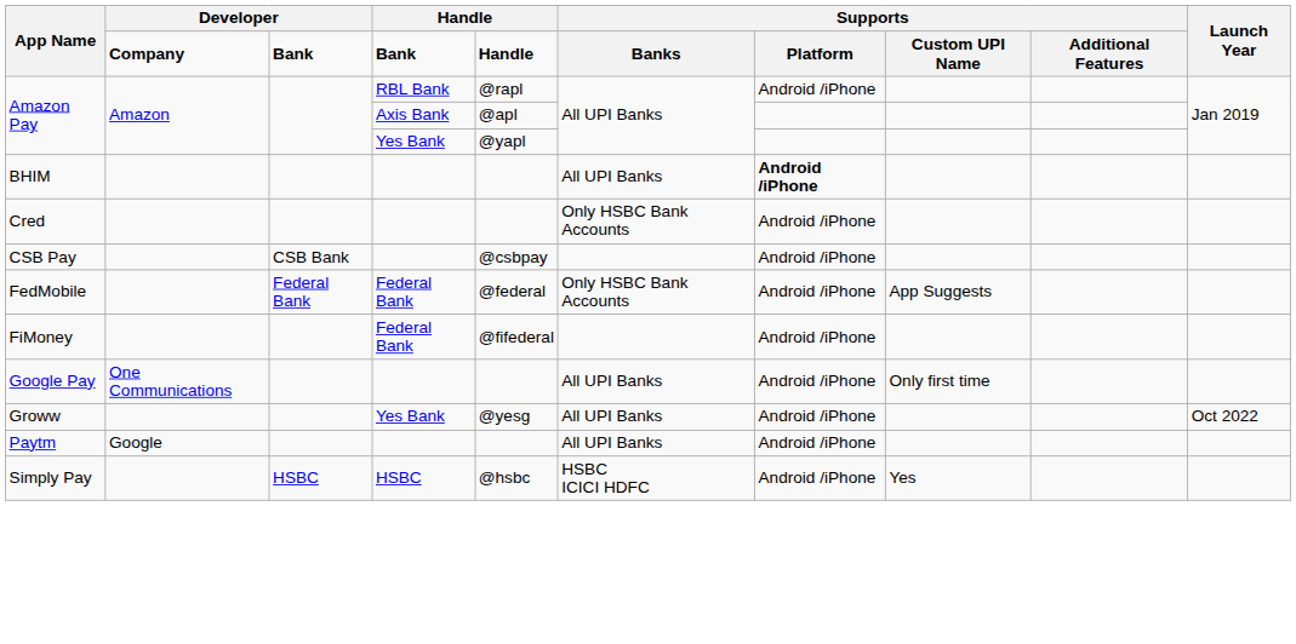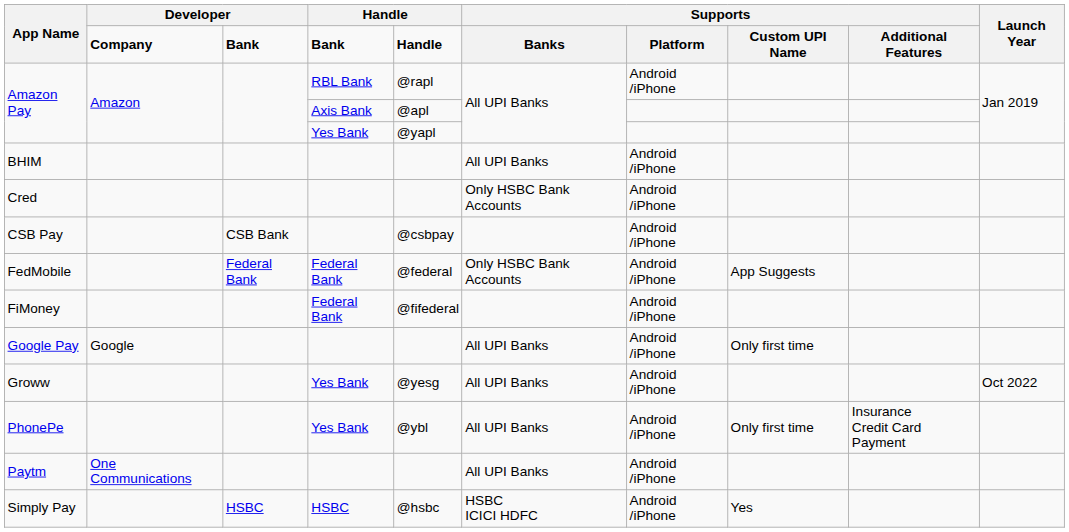 <table class="wikitable">
 <tr>
 <th rowspan="2">App Name</th>
 <th colspan="2">Developer</th>
 <th colspan="2">Handle</th>
 <th colspan="4">Supports</th>
 <th rowspan="2">Launch Year</th>
 </tr>
 <tr>
 <td><strong>Company</strong></td>
 <td><strong>Bank</strong></td>
 <td><strong>Bank</strong></td>
 <td><strong>Handle</strong></td>
 <th>Banks</th>
 <th>Platform</th>
 <th>Custom UPI Name</th>
 <th>Additional Features</th>
 </tr>
 <tr>
 <td rowspan="3"><a href='#'>Amazon Pay</a></td>
 <td rowspan="3"><a href='#'>Amazon</a></td>
 <td rowspan="3"></td>
 <td><a href='#'>RBL Bank</a></td>
 <td>@rapl</td>
 <td rowspan="3">All UPI Banks</td>
 <td>Android /iPhone</td>
 <td></td>
 <td></td>
 <td rowspan="3">Jan 2019</td>
 </tr>
 <tr>
 <td><a href='#'>Axis Bank</a></td>
 <td>@apl</td>
 <td></td>
 <td></td>
 <td></td>
 </tr>
 <tr>
 <td><a href='#'>Yes Bank</a></td>
 <td>@yapl</td>
 <td></td>
 <td></td>
 <td></td>
 </tr>
 <tr>
 <td>BHIM</td>
 <td></td>
 <td></td>
 <td></td>
 <td></td>
 <td>All UPI Banks</td>
-<td><strong>Android /iPhone</strong></td>
+<td>Android /iPhone</td>
 <td></td>
 <td></td>
 <td></td>
 </tr>
 <tr>
 <td>Cred</td>
 <td></td>
 <td></td>
 <td></td>
 <td></td>
 <td>Only HSBC Bank Accounts</td>
 <td>Android /iPhone</td>
 <td></td>
 <td></td>
 <td></td>
 </tr>
 <tr>
 <td>CSB Pay</td>
 <td></td>
 <td>CSB Bank</td>
 <td></td>
 <td>@csbpay</td>
 <td></td>
 <td>Android /iPhone</td>
 <td></td>
 <td></td>
 <td></td>
 </tr>
 <tr>
 <td>FedMobile</td>
 <td></td>
 <td><a href='#'>Federal Bank</a></td>
 <td><a href='#'>Federal Bank</a></td>
 <td>@federal</td>
 <td>Only HSBC Bank Accounts</td>
 <td>Android /iPhone</td>
 <td>App Suggests</td>
 <td></td>
 <td></td>
 </tr>
 <tr>
 <td>FiMoney</td>
 <td></td>
 <td></td>
 <td><a href='#'>Federal Bank</a></td>
 <td>@fifederal</td>
 <td></td>
 <td>Android /iPhone</td>
 <td></td>
 <td></td>
 <td></td>
 </tr>
 <tr>
 <td><a href='#'>Google Pay</a></td>
-<td><a href='#'>One Communications</a></td>
+<td>Google</td>
 <td></td>
 <td></td>
 <td></td>
 <td>All UPI Banks</td>
 <td>Android /iPhone</td>
 <td>Only first time</td>
 <td></td>
 <td></td>
 </tr>
 <tr>
 <td>Groww</td>
 <td></td>
 <td></td>
 <td><a href='#'>Yes Bank</a></td>
 <td>@yesg</td>
 <td>All UPI Banks</td>
 <td>Android /iPhone</td>
 <td></td>
 <td></td>
 <td>Oct 2022</td>
 </tr>
 <tr>
+<td><a href='#'>PhonePe</a></td>
+<td></td>
+<td></td>
+<td><a href='#'>Yes Bank</a></td>
+<td>@ybl</td>
+<td>All UPI Banks</td>
+<td>Android /iPhone</td>
+<td>Only first time</td>
+<td>Insurance<br>Credit Card Payment</td>
+<td></td>
+</tr>
+<tr>
 <td><a href='#'>Paytm</a></td>
-<td>Google</td>
+<td><a href='#'>One Communications</a></td>
 <td></td>
 <td></td>
 <td></td>
 <td>All UPI Banks</td>
 <td>Android /iPhone</td>
 <td></td>
 <td></td>
 <td></td>
 </tr>
 <tr>
 <td>Simply Pay</td>
 <td></td>
 <td><a href='#'>HSBC</a></td>
 <td><a href='#'>HSBC</a></td>
 <td>@hsbc</td>
 <td>HSBC<br>ICICI HDFC</td>
 <td>Android /iPhone</td>
 <td>Yes</td>
 <td></td>
 <td></td>
 </tr>
 </table>
